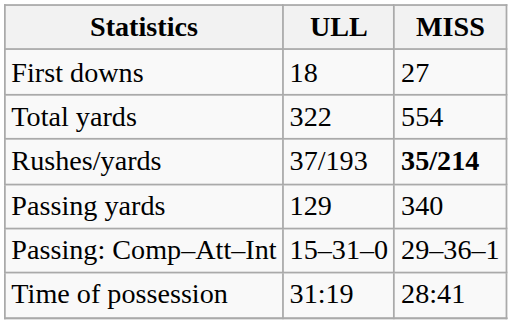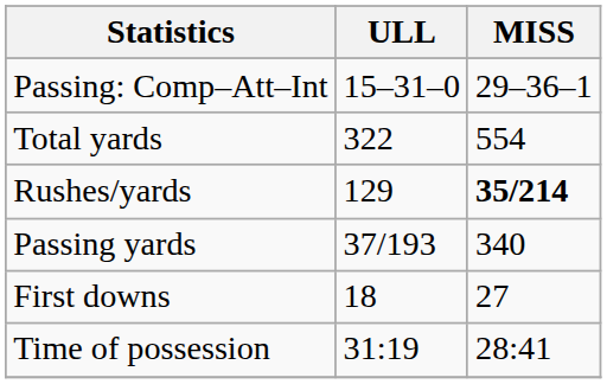 <table class="wikitable" style="float: left;">
 <tr>
 <th>Statistics</th>
 <th>ULL</th>
 <th>MISS</th>
 </tr>
 <tr>
-<td>First downs</td>
-<td>18</td>
-<td>27</td>
+<td>Passing: Comp–Att–Int</td>
+<td>15–31–0</td>
+<td>29–36–1</td>
 </tr>
 <tr>
 <td>Total yards</td>
 <td>322</td>
 <td>554</td>
 </tr>
 <tr>
 <td>Rushes/yards</td>
-<td>37/193</td>
+<td>129</td>
 <td><strong>35/214</strong></td>
 </tr>
 <tr>
 <td>Passing yards</td>
-<td>129</td>
+<td>37/193</td>
 <td>340</td>
 </tr>
 <tr>
-<td>Passing: Comp–Att–Int</td>
-<td>15–31–0</td>
-<td>29–36–1</td>
+<td>First downs</td>
+<td>18</td>
+<td>27</td>
 </tr>
 <tr>
 <td>Time of possession</td>
 <td>31:19</td>
 <td>28:41</td>
 </tr>
 <tr>
 </tr>
 </table>
